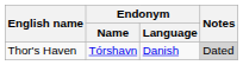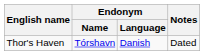 <table class="wikitable sortable mw-collapsible">
 <tr>
 <th rowspan="2">English name</th>
 <th colspan="2">Endonym</th>
 <th rowspan="2">Notes</th>
 </tr>
 <tr>
 <th>Name</th>
 <th>Language</th>
 </tr>
 <tr>
 <td>Thor's Haven</td>
 <td><a href='#'>Tórshavn</a></td>
 <td><a href='#'>Danish</a></td>
-<td style="background: lightgrey;">Dated</td>
+<td>Dated</td>
 </tr>
 </table>
